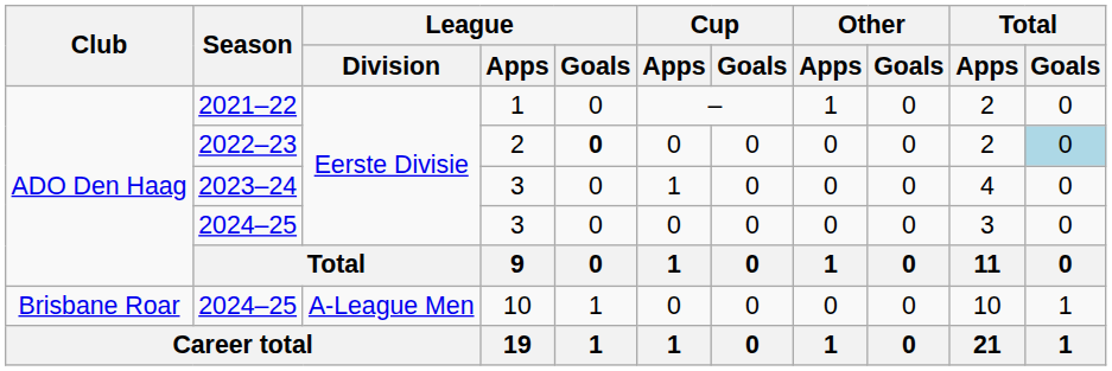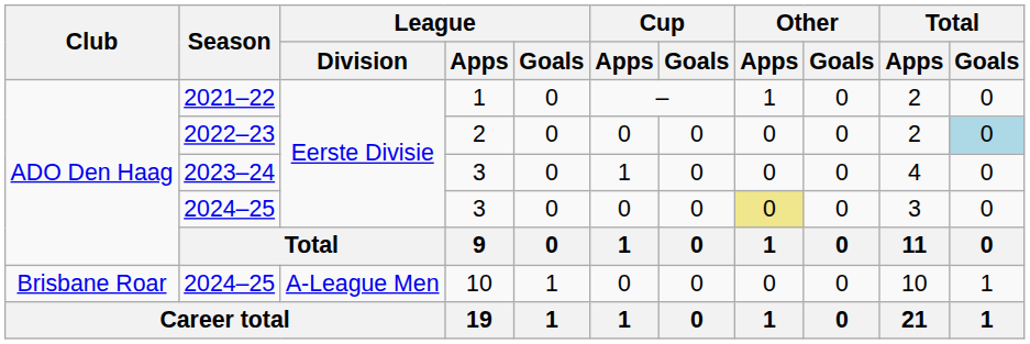 <table class="wikitable" style="text-align:center">
 <tr>
 <th rowspan="2">Club</th>
 <th rowspan="2">Season</th>
 <th colspan="3">League</th>
 <th colspan="2">Cup</th>
 <th colspan="2">Other</th>
 <th colspan="2">Total</th>
 </tr>
 <tr>
 <th>Division</th>
 <th>Apps</th>
 <th>Goals</th>
 <th>Apps</th>
 <th>Goals</th>
 <th>Apps</th>
 <th>Goals</th>
 <th>Apps</th>
 <th>Goals</th>
 </tr>
 <tr>
 <td rowspan="5"><a href='#'>ADO Den Haag</a></td>
 <td><a href='#'>2021–22</a></td>
 <td rowspan="4"><a href='#'>Eerste Divisie</a></td>
 <td>1</td>
 <td>0</td>
 <td colspan="2">–</td>
 <td>1</td>
 <td>0</td>
 <td>2</td>
 <td>0</td>
 </tr>
 <tr>
 <td><a href='#'>2022–23</a></td>
 <td>2</td>
-<td><strong>0</strong></td>
+<td>0</td>
 <td>0</td>
 <td>0</td>
 <td>0</td>
 <td>0</td>
 <td>2</td>
 <td style="background: lightblue;">0</td>
 </tr>
 <tr>
 <td><a href='#'>2023–24</a></td>
 <td>3</td>
 <td>0</td>
 <td>1</td>
 <td>0</td>
 <td>0</td>
 <td>0</td>
 <td>4</td>
 <td>0</td>
 </tr>
 <tr>
 <td><a href='#'>2024–25</a></td>
 <td>3</td>
 <td>0</td>
 <td>0</td>
 <td 0>0</td>
-<td>0</td>
+<td style="background: khaki;">0</td>
 <td>0</td>
 <td>3</td>
 <td>0</td>
 </tr>
 <tr>
 <th colspan="2">Total</th>
 <th>9</th>
 <th>0</th>
 <th>1</th>
 <th>0</th>
 <th>1</th>
 <th>0</th>
 <th>11</th>
 <th>0</th>
 </tr>
 <tr>
 <td rowspan="1"><a href='#'>Brisbane Roar</a></td>
 <td><a href='#'>2024–25</a></td>
 <td rowspan="1"><a href='#'>A-League Men</a></td>
 <td>10</td>
 <td>1</td>
 <td>0</td>
 <td>0</td>
 <td>0</td>
 <td>0</td>
 <td>10</td>
 <td>1</td>
 </tr>
 <tr>
 <th colspan="3">Career total</th>
 <th>19</th>
 <th>1</th>
 <th>1</th>
 <th>0</th>
 <th>1</th>
 <th>0</th>
 <th>21</th>
 <th>1</th>
 </tr>
 </table>
